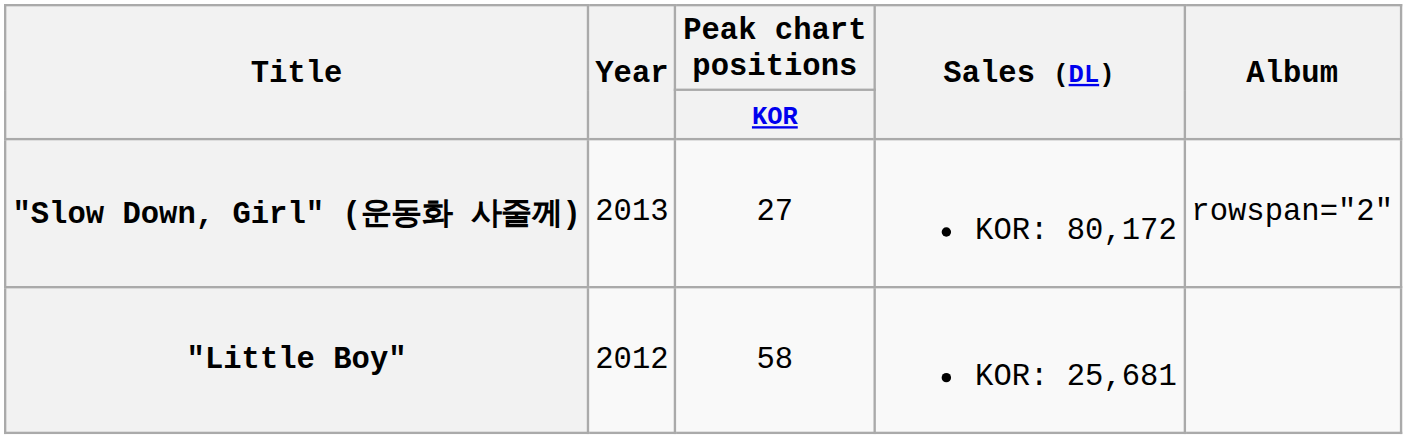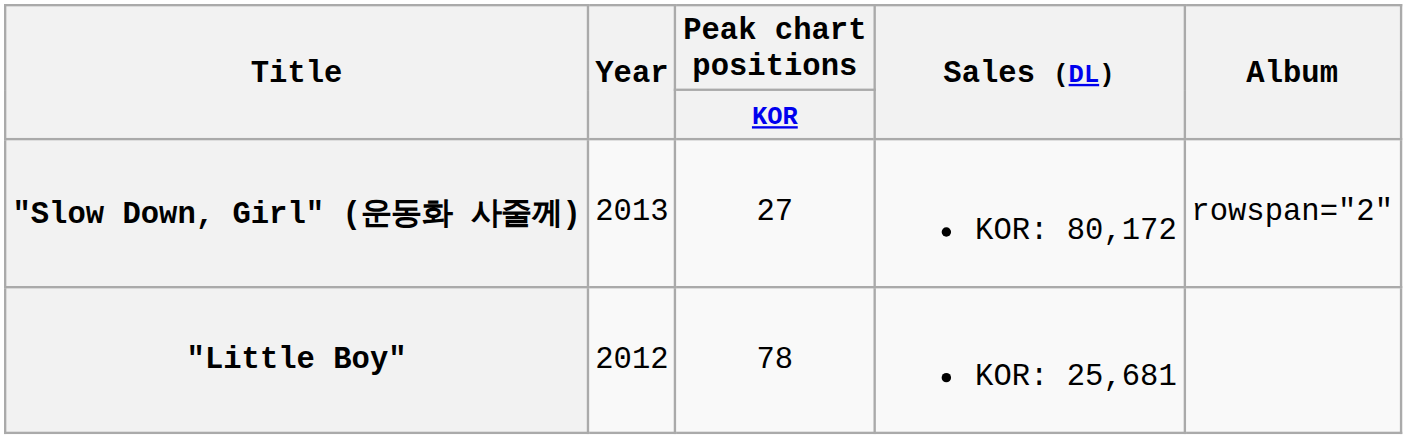 <table class="wikitable plainrowheaders" style="text-align:center;">
 <tr>
 <th scope="col" rowspan="2">Title</th>
 <th scope="col" rowspan="2">Year</th>
 <th scope="col" colspan="1">Peak chart<br>positions</th>
 <th scope="col" rowspan="2">Sales <small>(<a href='#'>DL</a>)</small></th>
 <th scope="col" rowspan="2">Album</th>
 </tr>
 <tr>
 <th><small><a href='#'>KOR</a></small><br></th>
 </tr>
 <tr>
 <th scope="row">"Slow Down, Girl" (운동화 사줄께)<br></th>
 <td>2013</td>
 <td>27</td>
 <td><br><ul><li>KOR: 80,172</li></ul></td>
 <td>rowspan="2" </td>
 </tr>
 <tr>
 <th scope="row">"Little Boy"<br></th>
 <td>2012</td>
-<td>58</td>
+<td>78</td>
 <td><br><ul><li>KOR: 25,681</li></ul></td>
 </tr>
 </table>
